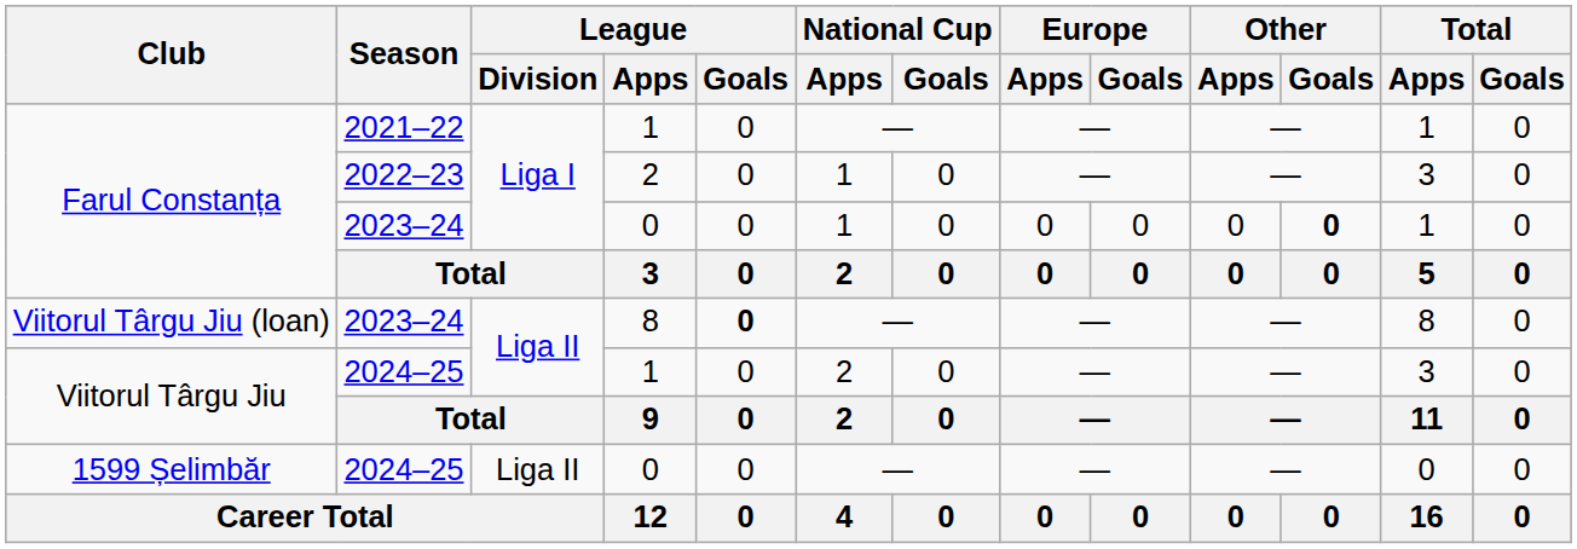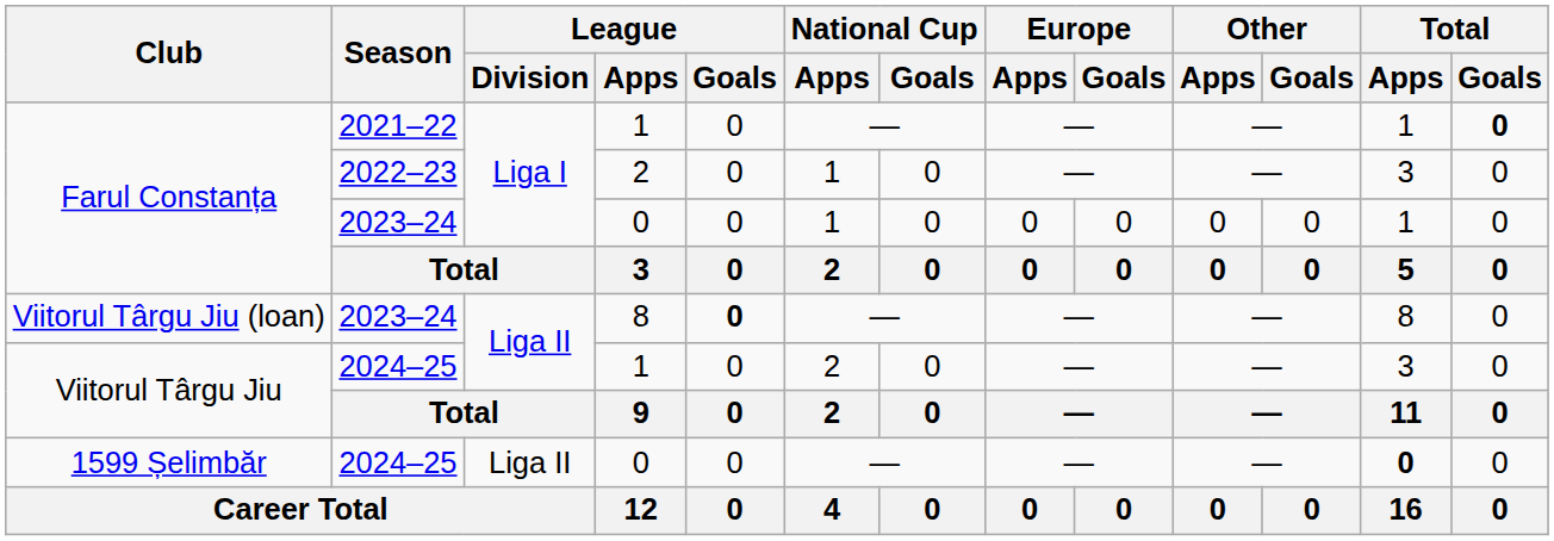 <table class=wikitable style=text-align:center>
 <tr>
 <th rowspan=2>Club</th>
 <th rowspan=2>Season</th>
 <th colspan=3>League</th>
 <th colspan=2>National Cup</th>
 <th colspan=2>Europe</th>
 <th colspan=2>Other</th>
 <th colspan=2>Total</th>
 </tr>
 <tr>
 <th>Division</th>
 <th>Apps</th>
 <th>Goals</th>
 <th>Apps</th>
 <th>Goals</th>
 <th>Apps</th>
 <th>Goals</th>
 <th>Apps</th>
 <th>Goals</th>
 <th>Apps</th>
 <th>Goals</th>
 </tr>
 <tr>
 <td rowspan="4"><a href='#'>Farul Constanța</a></td>
 <td><a href='#'>2021–22</a></td>
 <td rowspan="3"><a href='#'>Liga I</a></td>
 <td>1</td>
 <td>0</td>
 <td colspan=2>—</td>
 <td colspan=2>—</td>
 <td colspan=2>—</td>
 <td>1</td>
-<td>0</td>
+<td><strong>0</strong></td>
 </tr>
 <tr>
 <td><a href='#'>2022–23</a></td>
 <td>2</td>
 <td>0</td>
 <td>1</td>
 <td>0</td>
 <td colspan=2>—</td>
 <td colspan=2>—</td>
 <td>3</td>
 <td>0</td>
 </tr>
 <tr>
 <td><a href='#'>2023–24</a></td>
 <td>0</td>
 <td>0</td>
 <td>1</td>
 <td>0</td>
 <td>0</td>
 <td>0</td>
 <td>0</td>
-<td><strong>0</strong></td>
+<td>0</td>
 <td>1</td>
 <td>0</td>
 </tr>
 <tr>
 <th colspan="2">Total</th>
 <th>3</th>
 <th>0</th>
 <th>2</th>
 <th>0</th>
 <th>0</th>
 <th>0</th>
 <th>0</th>
 <th>0</th>
 <th>5</th>
 <th>0</th>
 </tr>
 <tr>
 <td rowspan="1"><a href='#'>Viitorul Târgu Jiu</a> (loan)</td>
 <td><a href='#'>2023–24</a></td>
 <td rowspan="2"><a href='#'>Liga II</a></td>
 <td>8</td>
 <td><strong>0</strong></td>
 <td colspan=2>—</td>
 <td colspan=2>—</td>
 <td colspan=2>—</td>
 <td>8</td>
 <td>0</td>
 </tr>
 <tr>
 <td rowspan="2">Viitorul Târgu Jiu</td>
 <td><a href='#'>2024–25</a></td>
 <td>1</td>
 <td>0</td>
 <td>2</td>
 <td>0</td>
 <td colspan=2>—</td>
 <td colspan=2>—</td>
 <td>3</td>
 <td>0</td>
 </tr>
 <tr>
 <th colspan="2">Total</th>
 <th>9</th>
 <th>0</th>
 <th>2</th>
 <th>0</th>
 <th colspan=2>—</th>
 <th colspan=2>—</th>
 <th>11</th>
 <th>0</th>
 </tr>
 <tr>
 <td rowspan="1"><a href='#'>1599 Șelimbăr</a></td>
 <td><a href='#'>2024–25</a></td>
 <td rowspan="1">Liga II</td>
 <td>0</td>
 <td>0</td>
 <td colspan=2>—</td>
 <td colspan=2>—</td>
 <td colspan=2>—</td>
-<td>0</td>
+<td><strong>0</strong></td>
 <td>0</td>
 </tr>
 <tr>
 <th colspan="3">Career Total</th>
 <th>12</th>
 <th>0</th>
 <th>4</th>
 <th>0</th>
 <th>0</th>
 <th>0</th>
 <th>0</th>
 <th>0</th>
 <th>16</th>
 <th>0</th>
 </tr>
 </table>
